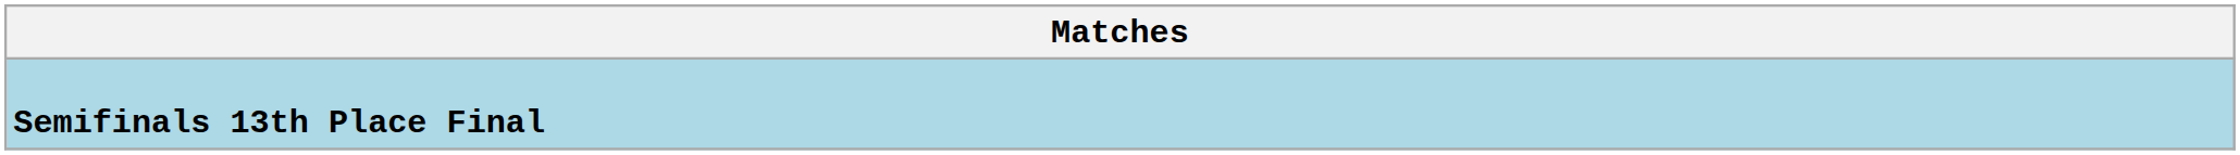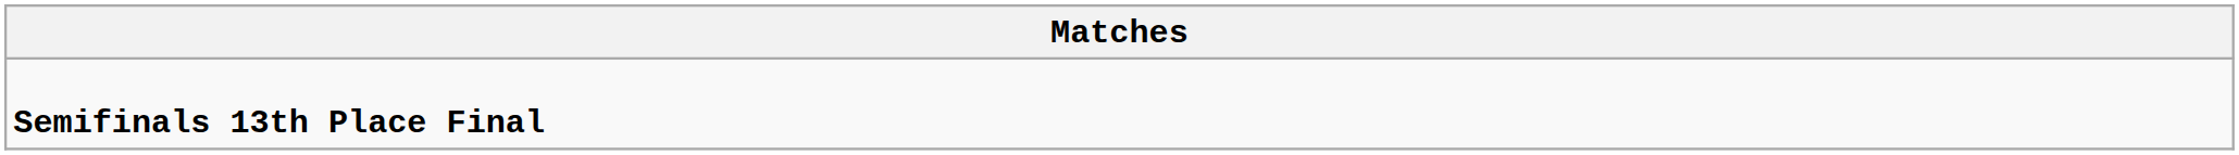 <table class="wikitable collapsible collapsed" style="width:100%;">
 <tr>
 <th>Matches</th>
 </tr>
 <tr>
-<td style="background: lightblue;"><br><strong>Semifinals</strong>   <strong>13th Place Final</strong> </td>
+<td><br><strong>Semifinals</strong>   <strong>13th Place Final</strong> </td>
 </tr>
 </table>
